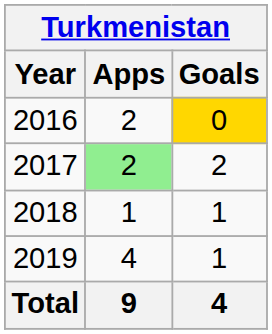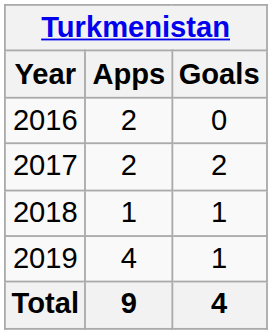 <table class="wikitable" style="text-align:center">
 <tr>
 <th colspan=3><a href='#'>Turkmenistan</a></th>
 </tr>
 <tr>
 <th>Year</th>
 <th>Apps</th>
 <th>Goals</th>
 </tr>
 <tr>
 <td>2016</td>
 <td>2</td>
-<td style="background: gold;">0</td>
+<td>0</td>
 </tr>
 <tr>
 <td>2017</td>
-<td style="background: lightgreen;">2</td>
+<td>2</td>
 <td>2</td>
 </tr>
 <tr>
 <td>2018</td>
 <td>1</td>
 <td>1</td>
 </tr>
 <tr>
 <td>2019</td>
 <td>4</td>
 <td>1</td>
 </tr>
 <tr>
 <th>Total</th>
 <th>9</th>
 <th>4</th>
 </tr>
 </table>
